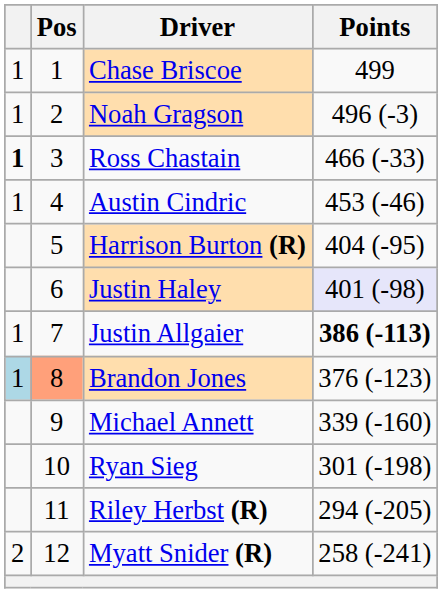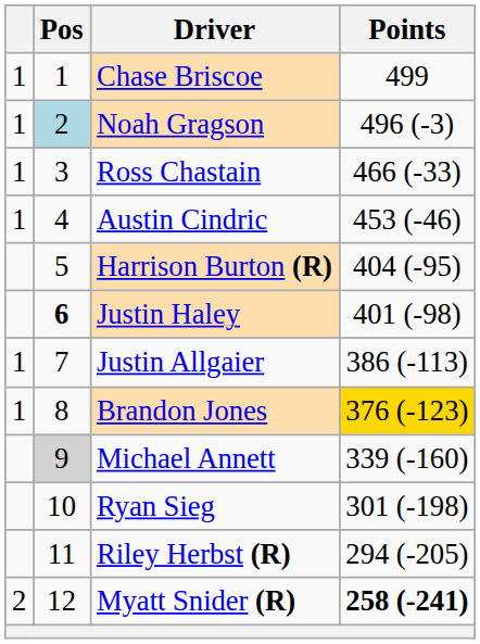 <table class="wikitable" style="font-size: 95%;">
 <tr>
 <th></th>
 <th>Pos</th>
 <th>Driver</th>
 <th>Points</th>
 </tr>
 <tr>
 <td align="left"> 1</td>
 <td style="text-align:center;">1</td>
 <td style="background:#FFDEAD;"><a href='#'>Chase Briscoe</a></td>
 <td style="text-align:center;">499</td>
 </tr>
 <tr>
 <td align="left"> 1</td>
-<td style="text-align:center;">2</td>
+<td style="background: lightblue; text-align:center;">2</td>
 <td style="background:#FFDEAD;"><a href='#'>Noah Gragson</a></td>
 <td style="text-align:center;">496 (-3)</td>
 </tr>
 <tr>
-<td align="left"><strong> 1</strong></td>
+<td align="left"> 1</td>
 <td style="text-align:center;">3</td>
 <td><a href='#'>Ross Chastain</a></td>
 <td style="text-align:center;">466 (-33)</td>
 </tr>
 <tr>
 <td align="left"> 1</td>
 <td style="text-align:center;">4</td>
 <td><a href='#'>Austin Cindric</a></td>
 <td style="text-align:center;">453 (-46)</td>
 </tr>
 <tr>
 <td align="left"></td>
 <td style="text-align:center;">5</td>
 <td style="background:#FFDEAD;"><a href='#'>Harrison Burton</a> <strong>(R)</strong></td>
 <td style="text-align:center;">404 (-95)</td>
 </tr>
 <tr>
 <td align="left"></td>
-<td style="text-align:center;">6</td>
+<td style="text-align:center;"><strong>6</strong></td>
 <td style="background:#FFDEAD;"><a href='#'>Justin Haley</a></td>
-<td style="background: lavender; text-align:center;">401 (-98)</td>
+<td style="text-align:center;">401 (-98)</td>
 </tr>
 <tr>
 <td align="left"> 1</td>
 <td style="text-align:center;">7</td>
 <td><a href='#'>Justin Allgaier</a></td>
-<td style="text-align:center;"><strong>386 (-113)</strong></td>
+<td style="text-align:center;">386 (-113)</td>
 </tr>
 <tr>
-<td align="left" style="background: lightblue;"> 1</td>
-<td style="background: lightsalmon; text-align:center;">8</td>
+<td align="left"> 1</td>
+<td style="text-align:center;">8</td>
 <td style="background:#FFDEAD;"><a href='#'>Brandon Jones</a></td>
-<td style="text-align:center;">376 (-123)</td>
+<td style="background: gold; text-align:center;">376 (-123)</td>
 </tr>
 <tr>
 <td align="left"></td>
-<td style="text-align:center;">9</td>
+<td style="background: lightgrey; text-align:center;">9</td>
 <td><a href='#'>Michael Annett</a></td>
 <td style="text-align:center;">339 (-160)</td>
 </tr>
 <tr>
 <td align="left"></td>
 <td style="text-align:center;">10</td>
 <td><a href='#'>Ryan Sieg</a></td>
 <td style="text-align:center;">301 (-198)</td>
 </tr>
 <tr>
 <td align="left"></td>
 <td style="text-align:center;">11</td>
 <td><a href='#'>Riley Herbst</a> <strong>(R)</strong></td>
 <td style="text-align:center;">294 (-205)</td>
 </tr>
 <tr>
 <td align="left"> 2</td>
 <td style="text-align:center;">12</td>
 <td><a href='#'>Myatt Snider</a> <strong>(R)</strong></td>
-<td style="text-align:center;">258 (-241)</td>
+<td style="text-align:center;"><strong>258 (-241)</strong></td>
 </tr>
 <tr class="sortbottom">
 <th colspan="4"></th>
 </tr>
 </table>
